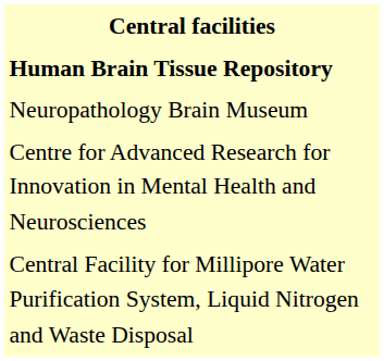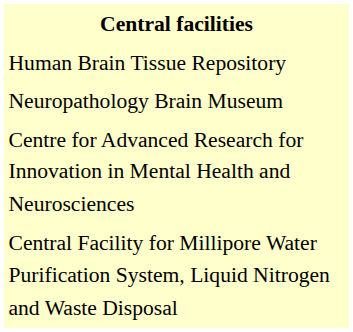 <table class="toccolours" style="float:right; background:#ffc; margin-left:0em; font-size:90%; line-height:1.5em; width:230px;">
 <tr>
 <th colspan="2" style="text-align: center;"><strong>Central facilities</strong></th>
 </tr>
 <tr>
-<td><strong>Human Brain Tissue Repository</strong></td>
+<td>Human Brain Tissue Repository</td>
 </tr>
 <tr>
 <td>Neuropathology Brain Museum</td>
 </tr>
 <tr>
 <td>Centre for Advanced Research for Innovation in Mental Health and Neurosciences</td>
 </tr>
 <tr>
 <td>Central Facility for Millipore Water Purification System, Liquid Nitrogen and Waste Disposal</td>
 </tr>
 </table>
